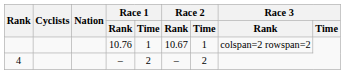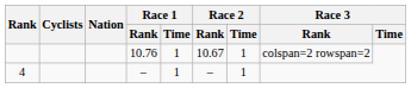 <table class="wikitable sortable" style="text-align:center">
 <tr>
 <th rowspan=2>Rank</th>
 <th rowspan=2>Cyclists</th>
 <th rowspan=2>Nation</th>
 <th colspan=2>Race 1</th>
 <th colspan=2>Race 2</th>
 <th colspan=2>Race 3</th>
 </tr>
 <tr>
 <th>Rank</th>
 <th>Time</th>
 <th>Rank</th>
 <th>Time</th>
 <th>Rank</th>
 <th>Time</th>
 </tr>
 <tr>
 <td></td>
 <td align=left></td>
 <td align=left></td>
 <td>10.76</td>
 <td>1</td>
 <td>10.67</td>
 <td>1</td>
 <td>colspan=2 rowspan=2 </td>
 </tr>
 <tr>
 <td>4</td>
 <td align=left></td>
 <td align=left></td>
 <td>–</td>
-<td>2</td>
+<td>1</td>
 <td>–</td>
-<td>2</td>
+<td>1</td>
 </tr>
 </table>
